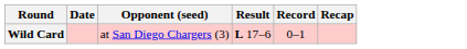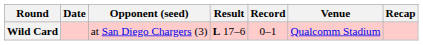 <table class="wikitable" style="text-align:center">
 <tr>
 <th>Round</th>
 <th>Date</th>
 <th>Opponent (seed)</th>
 <th>Result</th>
 <th>Record</th>
+<th>Venue</th>
 <th>Recap</th>
 </tr>
 <tr style="background:#fcc">
 <th>Wild Card</th>
 <td></td>
 <td>at <a href='#'>San Diego Chargers</a> (3)</td>
 <td><strong>L</strong> 17–6</td>
 <td>0–1</td>
+<td><a href='#'>Qualcomm Stadium</a></td>
 <td></td>
 </tr>
 </table>
